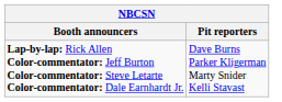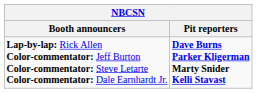 <table class="wikitable" style="font-size: 95%">
 <tr>
 <th colspan="2"><a href='#'>NBCSN</a></th>
 </tr>
 <tr>
 <th>Booth announcers</th>
 <th>Pit reporters</th>
 </tr>
 <tr>
 <td><strong>Lap-by-lap:</strong> <a href='#'>Rick Allen</a><br><strong>Color-commentator:</strong> <a href='#'>Jeff Burton</a><br><strong>Color-commentator:</strong> <a href='#'>Steve Letarte</a><br><strong>Color-commentator:</strong> <a href='#'>Dale Earnhardt Jr.</a></td>
-<td><a href='#'>Dave Burns</a><br><a href='#'>Parker Kligerman</a><br>Marty Snider<br><a href='#'>Kelli Stavast</a></td>
+<td><strong><a href='#'>Dave Burns</a><br><a href='#'>Parker Kligerman</a><br>Marty Snider<br><a href='#'>Kelli Stavast</a></strong></td>
 </tr>
 </table>
